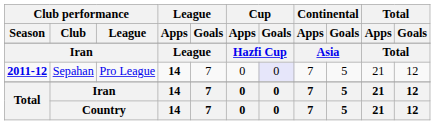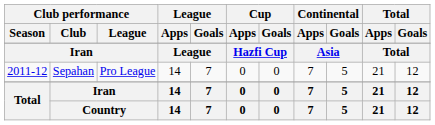 <table class="wikitable" style="text-align:center">
 <tr>
 <th colspan=3>Club performance</th>
 <th colspan=2>League</th>
 <th colspan=2>Cup</th>
 <th colspan=2>Continental</th>
 <th colspan=2>Total</th>
 </tr>
 <tr>
 <th>Season</th>
 <th>Club</th>
 <th>League</th>
 <th>Apps</th>
 <th>Goals</th>
 <th>Apps</th>
 <th>Goals</th>
 <th>Apps</th>
 <th>Goals</th>
 <th>Apps</th>
 <th>Goals</th>
 </tr>
 <tr>
 </tr>
 <tr>
 <th colspan=3>Iran</th>
 <th colspan=2>League</th>
 <th colspan=2><a href='#'>Hazfi Cup</a></th>
 <th colspan=2><a href='#'>Asia</a></th>
 <th colspan=2>Total</th>
 </tr>
 <tr>
-<td><strong><a href='#'>2011-12</a></strong></td>
+<td><a href='#'>2011-12</a></td>
 <td rowspan="1"><a href='#'>Sepahan</a></td>
 <td rowspan="1"><a href='#'>Pro League</a></td>
-<td><strong>14</strong></td>
+<td>14</td>
 <td>7</td>
 <td>0</td>
-<td style="background: lavender;">0</td>
+<td>0</td>
 <td>7</td>
 <td>5</td>
 <td>21</td>
 <td>12</td>
 </tr>
 <tr>
 </tr>
 <tr>
 <th rowspan=2>Total</th>
 <th colspan=2>Iran</th>
 <th>14</th>
 <th>7</th>
 <th>0</th>
 <th>0</th>
 <th>7</th>
 <th>5</th>
 <th>21</th>
 <th>12</th>
 </tr>
 <tr>
 <th colspan=2>Country</th>
 <th>14</th>
 <th>7</th>
 <th>0</th>
 <th>0</th>
 <th>7</th>
 <th>5</th>
 <th>21</th>
 <th>12</th>
 </tr>
 </table>
